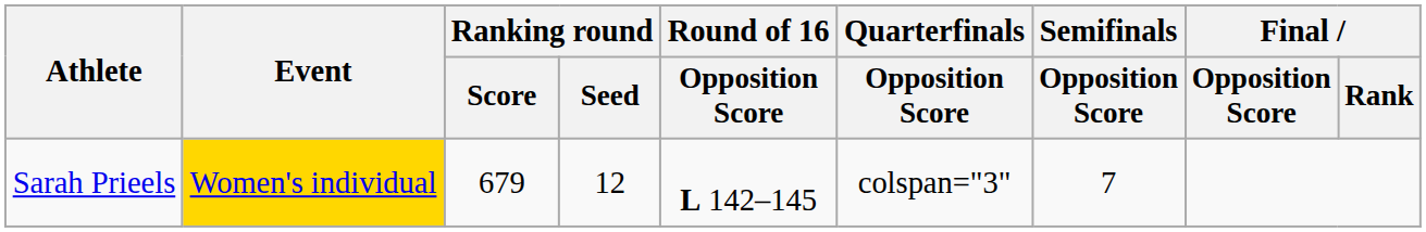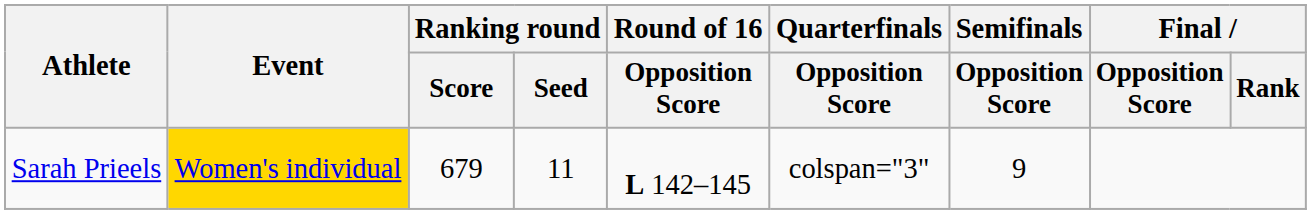 <table class="wikitable" style="text-align:center; font-size:90%">
 <tr>
 <th rowspan="2">Athlete</th>
 <th rowspan="2">Event</th>
 <th colspan="2">Ranking round</th>
 <th>Round of 16</th>
 <th>Quarterfinals</th>
 <th>Semifinals</th>
 <th colspan="2">Final / </th>
 </tr>
 <tr style="font-size:95%">
 <th>Score</th>
 <th>Seed</th>
 <th>Opposition<br>Score</th>
 <th>Opposition<br>Score</th>
 <th>Opposition<br>Score</th>
 <th>Opposition<br>Score</th>
 <th>Rank</th>
 </tr>
 <tr>
 <td align="left"><a href='#'>Sarah Prieels</a></td>
 <td align="left" style="background: gold;"><a href='#'>Women's individual</a></td>
 <td>679</td>
-<td>12</td>
+<td>11</td>
 <td><br><strong>L</strong> 142–145</td>
 <td>colspan="3" </td>
-<td>7</td>
+<td>9</td>
 </tr>
 </table>
